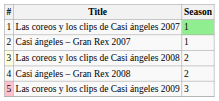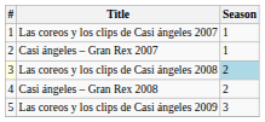 <table class="sortable wikitable" style="font-size:97%;">
 <tr style="background:#EFEFEF">
 <th><strong>#</strong></th>
 <th><strong>Title</strong></th>
 <th><strong>Season</strong></th>
 </tr>
 <tr>
 <td>1</td>
 <td>Las coreos y los clips de Casi ángeles 2007</td>
-<td style="background: lightgreen;">1</td>
+<td>1</td>
 </tr>
 <tr>
 <td>2</td>
 <td>Casi ángeles – Gran Rex 2007</td>
 <td>1</td>
 </tr>
 <tr>
 <td style="background: lightyellow;">3</td>
 <td>Las coreos y los clips de Casi ángeles 2008</td>
-<td>2</td>
+<td style="background: lightblue;">2</td>
 </tr>
 <tr>
 <td>4</td>
 <td>Casi ángeles – Gran Rex 2008</td>
 <td>2</td>
 </tr>
 <tr>
-<td style="background: pink;">5</td>
+<td>5</td>
 <td>Las coreos y los clips de Casi ángeles 2009</td>
 <td>3</td>
 </tr>
 <tr>
 </tr>
 </table>
